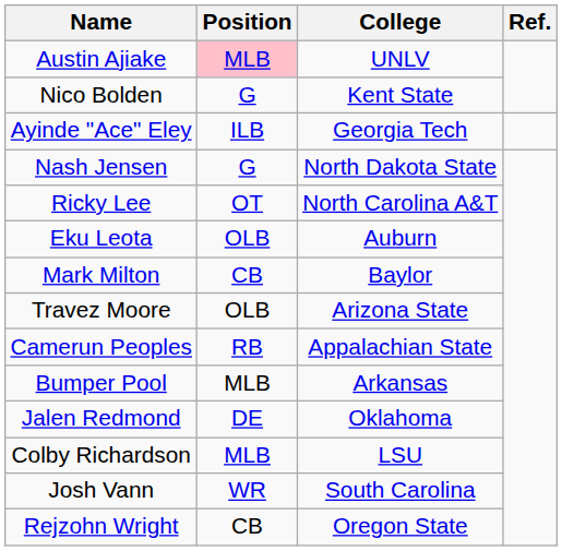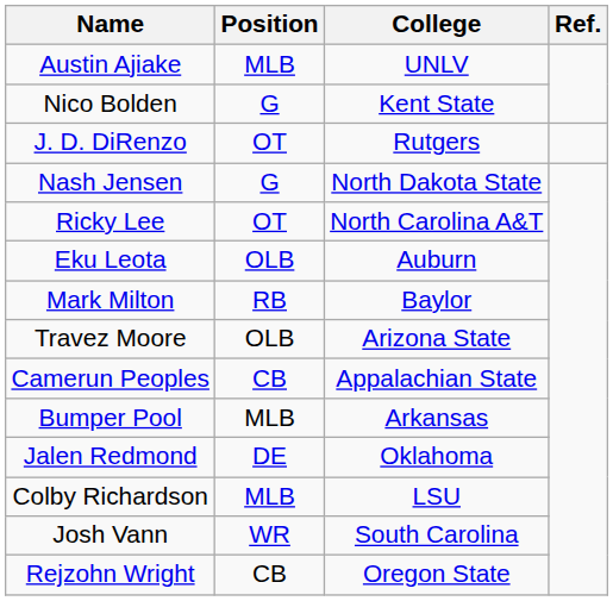 <table class="wikitable" style="text-align:center">
 <tr>
 <th>Name</th>
 <th>Position</th>
 <th>College</th>
 <th>Ref.</th>
 </tr>
 <tr>
 <td><a href='#'>Austin Ajiake</a></td>
-<td style="background: pink;"><a href='#'>MLB</a></td>
+<td><a href='#'>MLB</a></td>
 <td><a href='#'>UNLV</a></td>
 <td rowspan="2"></td>
 </tr>
 <tr>
 <td>Nico Bolden</td>
 <td><a href='#'>G</a></td>
 <td><a href='#'>Kent State</a></td>
 </tr>
 <tr>
-<td><a href='#'>Ayinde "Ace" Eley</a></td>
-<td><a href='#'>ILB</a></td>
-<td><a href='#'>Georgia Tech</a></td>
+<td><a href='#'>J. D. DiRenzo</a></td>
+<td><a href='#'>OT</a></td>
+<td><a href='#'>Rutgers</a></td>
 <td></td>
 </tr>
 <tr>
 <td><a href='#'>Nash Jensen</a></td>
 <td><a href='#'>G</a></td>
 <td><a href='#'>North Dakota State</a></td>
 <td rowspan="11"></td>
 </tr>
 <tr>
 <td><a href='#'>Ricky Lee</a></td>
 <td><a href='#'>OT</a></td>
 <td><a href='#'>North Carolina A&T</a></td>
 </tr>
 <tr>
 <td><a href='#'>Eku Leota</a></td>
 <td><a href='#'>OLB</a></td>
 <td><a href='#'>Auburn</a></td>
 </tr>
 <tr>
 <td><a href='#'>Mark Milton</a></td>
-<td><a href='#'>CB</a></td>
+<td><a href='#'>RB</a></td>
 <td><a href='#'>Baylor</a></td>
 </tr>
 <tr>
 <td>Travez Moore</td>
 <td>OLB</td>
 <td><a href='#'>Arizona State</a></td>
 </tr>
 <tr>
 <td><a href='#'>Camerun Peoples</a></td>
-<td><a href='#'>RB</a></td>
+<td><a href='#'>CB</a></td>
 <td><a href='#'>Appalachian State</a></td>
 </tr>
 <tr>
 <td><a href='#'>Bumper Pool</a></td>
 <td>MLB</td>
 <td><a href='#'>Arkansas</a></td>
 </tr>
 <tr>
 <td><a href='#'>Jalen Redmond</a></td>
 <td><a href='#'>DE</a></td>
 <td><a href='#'>Oklahoma</a></td>
 </tr>
 <tr>
 <td>Colby Richardson</td>
 <td><a href='#'>MLB</a></td>
 <td><a href='#'>LSU</a></td>
 </tr>
 <tr>
 <td>Josh Vann</td>
 <td><a href='#'>WR</a></td>
 <td><a href='#'>South Carolina</a></td>
 </tr>
 <tr>
 <td><a href='#'>Rejzohn Wright</a></td>
 <td>CB</td>
 <td><a href='#'>Oregon State</a></td>
 </tr>
 </table>
